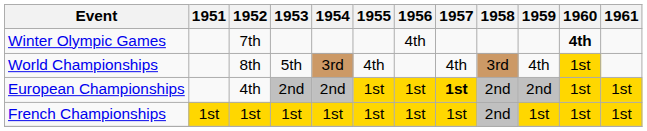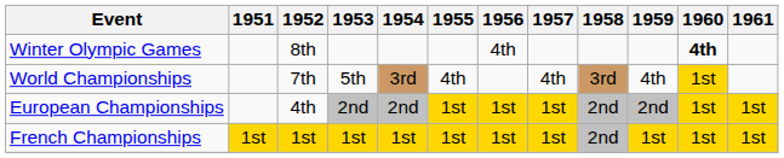 <table class="wikitable">
 <tr>
 <th>Event</th>
 <th>1951</th>
 <th>1952</th>
 <th>1953</th>
 <th>1954</th>
 <th>1955</th>
 <th>1956</th>
 <th>1957</th>
 <th>1958</th>
 <th>1959</th>
 <th>1960</th>
 <th>1961</th>
 </tr>
 <tr>
 <td><a href='#'>Winter Olympic Games</a></td>
 <td></td>
-<td align="center">7th</td>
+<td align="center">8th</td>
 <td></td>
 <td></td>
 <td></td>
 <td align="center">4th</td>
 <td></td>
 <td></td>
 <td></td>
 <td align="center"><strong>4th</strong></td>
 <td></td>
 </tr>
 <tr>
 <td><a href='#'>World Championships</a></td>
 <td></td>
-<td align="center">8th</td>
+<td align="center">7th</td>
 <td align="center">5th</td>
 <td align="center" bgcolor="CC9966">3rd</td>
 <td align="center">4th</td>
 <td></td>
 <td align="center">4th</td>
 <td align="center" bgcolor="CC9966">3rd</td>
 <td align="center">4th</td>
 <td align="center" bgcolor="gold">1st</td>
 <td></td>
 </tr>
 <tr>
 <td><a href='#'>European Championships</a></td>
 <td></td>
 <td align="center">4th</td>
 <td align="center" bgcolor="silver">2nd</td>
 <td align="center" bgcolor="silver">2nd</td>
 <td align="center" bgcolor="gold">1st</td>
 <td align="center" bgcolor="gold">1st</td>
-<td align="center" bgcolor="gold"><strong>1st</strong></td>
+<td align="center" bgcolor="gold">1st</td>
 <td align="center" bgcolor="silver">2nd</td>
 <td align="center" bgcolor="silver">2nd</td>
 <td align="center" bgcolor="gold">1st</td>
 <td align="center" bgcolor="gold">1st</td>
 </tr>
 <tr>
 <td><a href='#'>French Championships</a></td>
 <td align="center" bgcolor="gold">1st</td>
 <td align="center" bgcolor="gold">1st</td>
 <td align="center" bgcolor="gold">1st</td>
 <td align="center" bgcolor="gold">1st</td>
 <td align="center" bgcolor="gold">1st</td>
 <td align="center" bgcolor="gold">1st</td>
 <td align="center" bgcolor="gold">1st</td>
 <td align="center" bgcolor="silver">2nd</td>
 <td align="center" bgcolor="gold">1st</td>
 <td align="center" bgcolor="gold">1st</td>
 <td align="center" bgcolor="gold">1st</td>
 </tr>
 <tr>
 </tr>
 </table>
